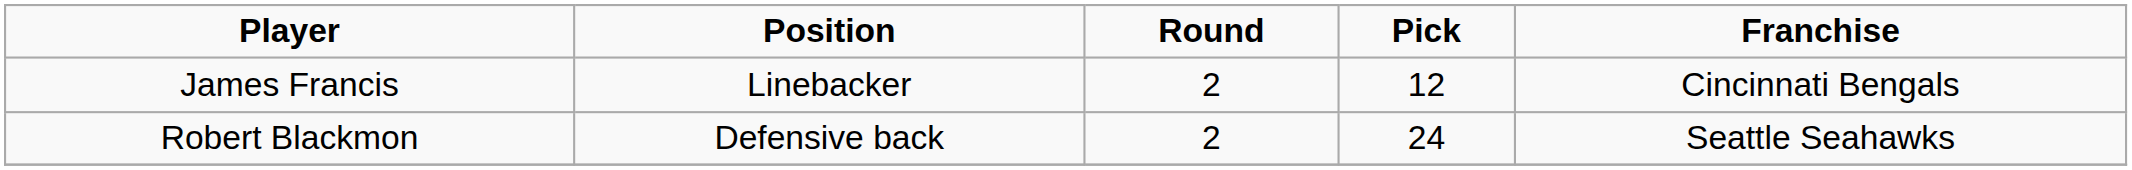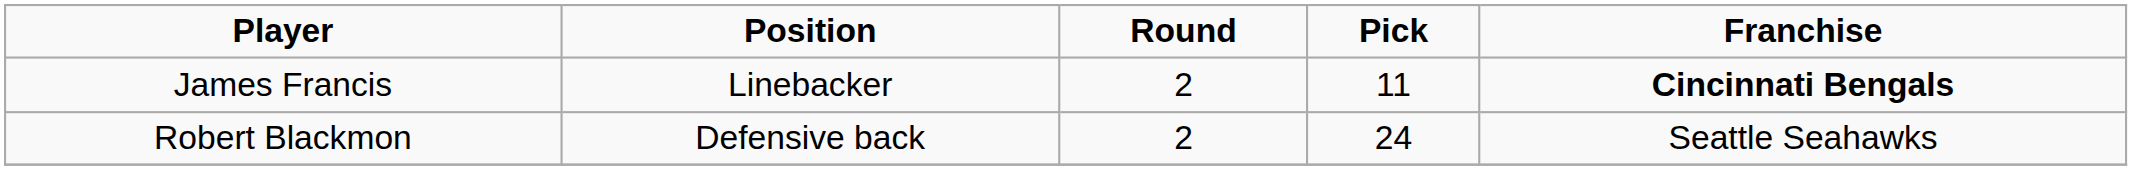 <table class="wikitable" width="80%">
 <tr align="center">
 <td><strong>Player</strong></td>
 <td><strong>Position</strong></td>
 <td><strong>Round</strong></td>
 <td><strong>Pick</strong></td>
 <td><strong>Franchise</strong></td>
 </tr>
 <tr align="center" bgcolor="">
 <td>James Francis</td>
 <td>Linebacker</td>
 <td>2</td>
-<td>12</td>
-<td>Cincinnati Bengals</td>
+<td>11</td>
+<td><strong>Cincinnati Bengals</strong></td>
 </tr>
 <tr align="center" bgcolor="">
 <td>Robert Blackmon</td>
 <td>Defensive back</td>
 <td>2</td>
 <td>24</td>
 <td>Seattle Seahawks</td>
 </tr>
 <tr align="center" bgcolor="">
 </tr>
 </table>
